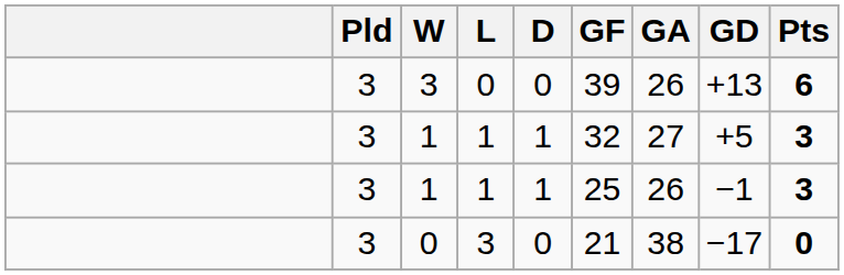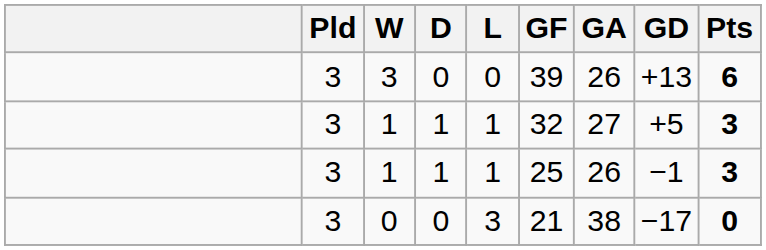 <table class="wikitable" style="text-align:center;">
 <tr>
 <th width=150></th>
 <th width=20>Pld</th>
 <th width=20>W</th>
+<th width=20>D</th>
 <th width=20>L</th>
-<th width=20>D</th>
 <th width=20>GF</th>
 <th width=20>GA</th>
 <th width=20>GD</th>
 <th width=20>Pts</th>
 </tr>
 <tr>
 <td align="left"></td>
 <td>3</td>
 <td>3</td>
 <td>0</td>
 <td>0</td>
 <td>39</td>
 <td>26</td>
 <td>+13</td>
 <td><strong>6</strong></td>
 </tr>
 <tr>
 <td align="left"></td>
 <td>3</td>
 <td>1</td>
 <td>1</td>
 <td>1</td>
 <td>32</td>
 <td>27</td>
 <td>+5</td>
 <td><strong>3</strong></td>
 </tr>
 <tr>
 <td align="left"></td>
 <td>3</td>
 <td>1</td>
 <td>1</td>
 <td>1</td>
 <td>25</td>
 <td>26</td>
 <td>−1</td>
 <td><strong>3</strong></td>
 </tr>
 <tr>
 <td align="left"></td>
 <td>3</td>
 <td>0</td>
+<td>0</td>
 <td>3</td>
-<td>0</td>
 <td>21</td>
 <td>38</td>
 <td>−17</td>
 <td><strong>0</strong></td>
 </tr>
 </table>
